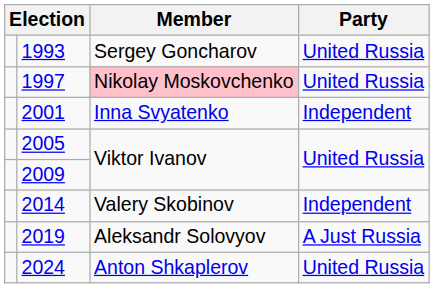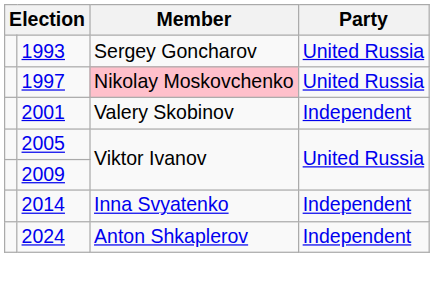 <table class="wikitable">
 <tr>
 <th colspan="2">Election</th>
 <th>Member</th>
 <th>Party</th>
 </tr>
 <tr>
 <td style="background-color:"></td>
 <td><a href='#'>1993</a></td>
 <td>Sergey Goncharov</td>
 <td><a href='#'>United Russia</a></td>
 </tr>
 <tr>
 <td style="background-color:"></td>
 <td><a href='#'>1997</a></td>
 <td style="background: pink;">Nikolay Moskovchenko</td>
 <td><a href='#'>United Russia</a></td>
 </tr>
 <tr>
 <td style="background-color:"></td>
 <td><a href='#'>2001</a></td>
-<td><a href='#'>Inna Svyatenko</a></td>
+<td>Valery Skobinov</td>
 <td><a href='#'>Independent</a></td>
 </tr>
 <tr>
 <td style="background-color:"></td>
 <td><a href='#'>2005</a></td>
 <td rowspan=2>Viktor Ivanov</td>
 <td rowspan=2><a href='#'>United Russia</a></td>
 </tr>
 <tr>
 <td style="background-color:"></td>
 <td><a href='#'>2009</a></td>
 </tr>
 <tr>
 <td style="background-color:"></td>
 <td><a href='#'>2014</a></td>
-<td>Valery Skobinov</td>
+<td><a href='#'>Inna Svyatenko</a></td>
 <td><a href='#'>Independent</a></td>
-</tr>
-<tr>
-<td style="background-color:"></td>
-<td><a href='#'>2019</a></td>
-<td>Aleksandr Solovyov</td>
-<td><a href='#'>A Just Russia</a></td>
 </tr>
 <tr>
 <td style="background-color:"></td>
 <td><a href='#'>2024</a></td>
 <td><a href='#'>Anton Shkaplerov</a></td>
-<td><a href='#'>United Russia</a></td>
+<td><a href='#'>Independent</a></td>
 </tr>
 </table>
